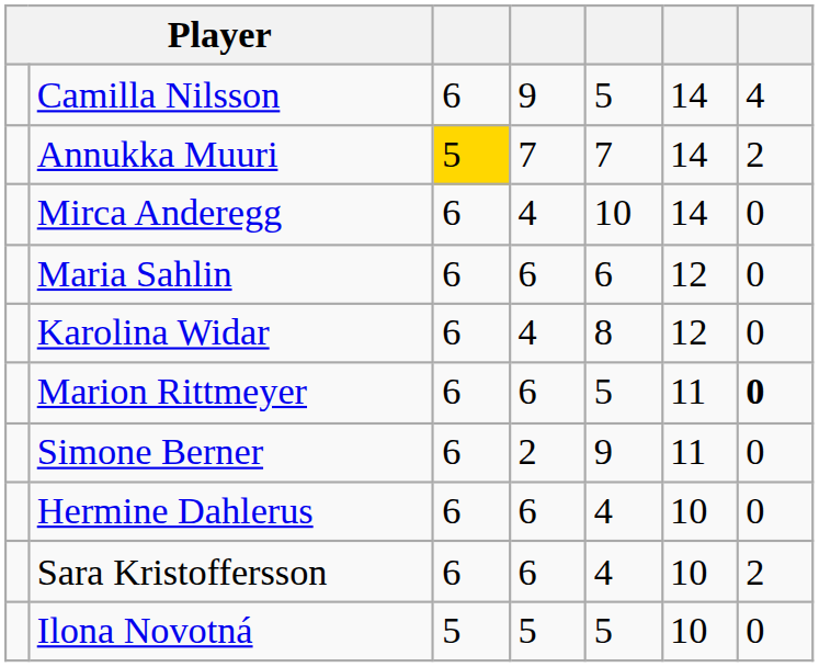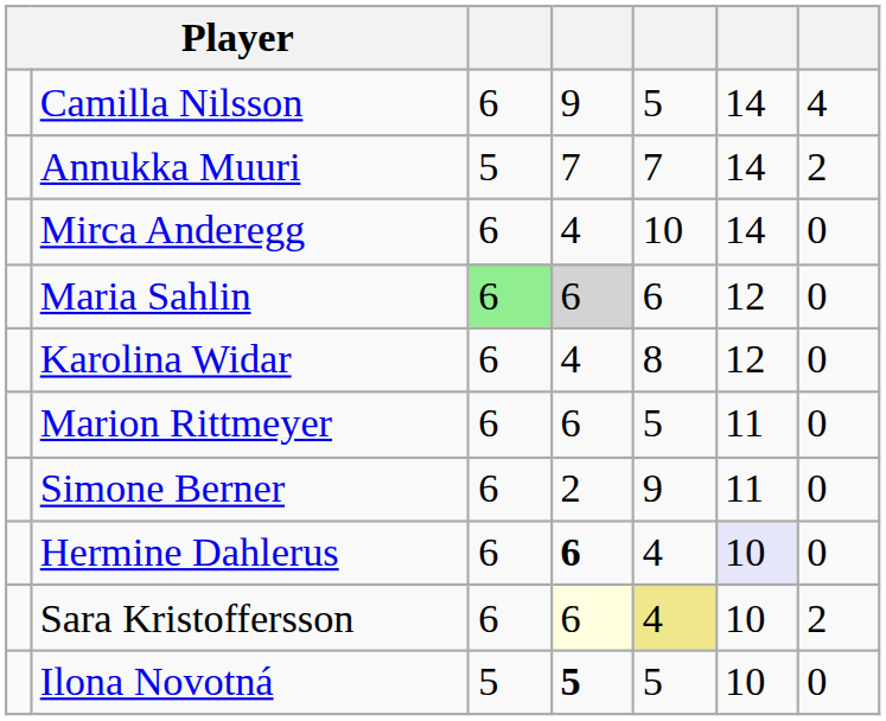 <table class="wikitable">
 <tr>
 <th bgcolor="#DDDDFF" width="175px" colspan="2">Player</th>
 <th bgcolor="#DDDDFF" width="25px"></th>
 <th bgcolor="#DDDDFF" width="25px"></th>
 <th bgcolor="#DDDDFF" width="25px"></th>
 <th bgcolor="#DDDDFF" width="25px"></th>
 <th bgcolor="#DDDDFF" width="25px"></th>
 </tr>
 <tr>
 <td></td>
 <td><a href='#'>Camilla Nilsson</a></td>
 <td>6</td>
 <td>9</td>
 <td>5</td>
 <td>14</td>
 <td>4</td>
 </tr>
 <tr>
 <td></td>
 <td><a href='#'>Annukka Muuri</a></td>
-<td style="background: gold;">5</td>
+<td>5</td>
 <td>7</td>
 <td>7</td>
 <td>14</td>
 <td>2</td>
 </tr>
 <tr>
 <td></td>
 <td><a href='#'>Mirca Anderegg</a></td>
 <td>6</td>
 <td>4</td>
 <td>10</td>
 <td>14</td>
 <td>0</td>
 </tr>
 <tr>
 <td></td>
 <td><a href='#'>Maria Sahlin</a></td>
-<td>6</td>
-<td>6</td>
+<td style="background: lightgreen;">6</td>
+<td style="background: lightgrey;">6</td>
 <td>6</td>
 <td>12</td>
 <td>0</td>
 </tr>
 <tr>
 <td></td>
 <td><a href='#'>Karolina Widar</a></td>
 <td>6</td>
 <td>4</td>
 <td>8</td>
 <td>12</td>
 <td>0</td>
 </tr>
 <tr>
 <td></td>
 <td><a href='#'>Marion Rittmeyer</a></td>
 <td>6</td>
 <td>6</td>
 <td>5</td>
 <td>11</td>
-<td><strong>0</strong></td>
+<td>0</td>
 </tr>
 <tr>
 <td></td>
 <td><a href='#'>Simone Berner</a></td>
 <td>6</td>
 <td>2</td>
 <td>9</td>
 <td>11</td>
 <td>0</td>
 </tr>
 <tr>
 <td></td>
 <td><a href='#'>Hermine Dahlerus</a></td>
 <td>6</td>
-<td>6</td>
+<td><strong>6</strong></td>
 <td>4</td>
-<td>10</td>
+<td style="background: lavender;">10</td>
 <td>0</td>
 </tr>
 <tr>
 <td></td>
 <td>Sara Kristoffersson</td>
 <td>6</td>
-<td>6</td>
-<td>4</td>
+<td style="background: lightyellow;">6</td>
+<td style="background: khaki;">4</td>
 <td>10</td>
 <td>2</td>
 </tr>
 <tr>
 <td></td>
 <td><a href='#'>Ilona Novotná</a></td>
 <td>5</td>
-<td>5</td>
+<td><strong>5</strong></td>
 <td>5</td>
 <td>10</td>
 <td>0</td>
 </tr>
 </table>
